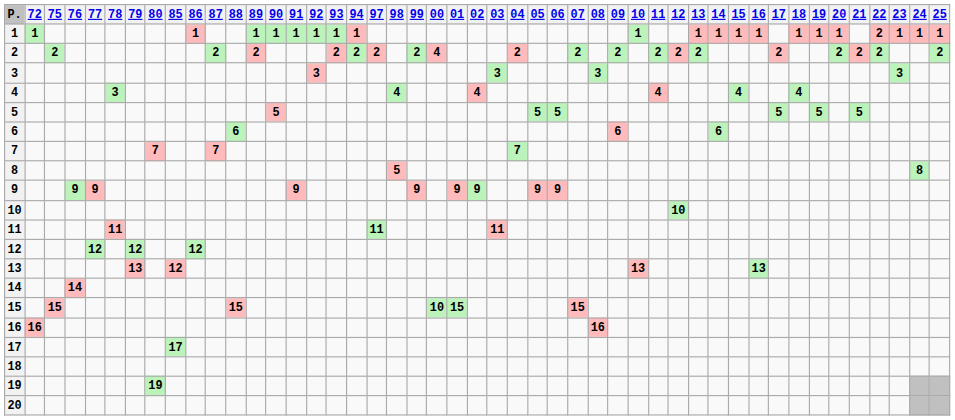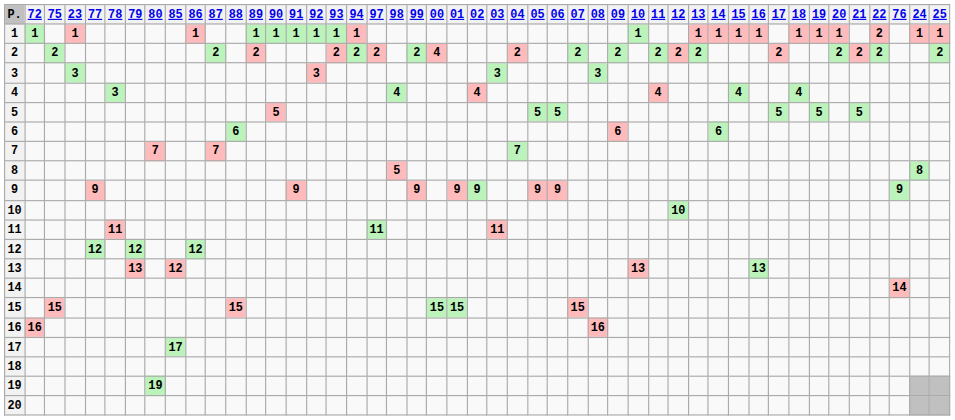 <table class="wikitable" style="text-align: center; font-size:80%">
 <tr>
 <th style="background:#c0c0c0">P.</th>
 <th><strong><a href='#'>72</a></strong></th>
 <th><strong><a href='#'>75</a></strong></th>
-<th><strong><a href='#'>76</a></strong></th>
+<th><strong><a href='#'>23</a></strong></th>
 <th><strong><a href='#'>77</a></strong></th>
 <th><strong><a href='#'>78</a></strong></th>
 <th><strong><a href='#'>79</a></strong></th>
 <th><strong><a href='#'>80</a></strong></th>
 <th><strong><a href='#'>85</a></strong></th>
 <th><strong><a href='#'>86</a></strong></th>
 <th><strong><a href='#'>87</a></strong></th>
 <th><strong><a href='#'>88</a></strong></th>
 <th><strong><a href='#'>89</a></strong></th>
 <th><strong><a href='#'>90</a></strong></th>
 <th><strong><a href='#'>91</a></strong></th>
 <th><strong><a href='#'>92</a></strong></th>
 <th><strong><a href='#'>93</a></strong></th>
 <th><strong><a href='#'>94</a></strong></th>
 <th><strong><a href='#'>97</a></strong></th>
 <th><strong><a href='#'>98</a></strong></th>
 <th><strong><a href='#'>99</a></strong></th>
 <th><strong><a href='#'>00</a></strong></th>
 <th><strong><a href='#'>01</a></strong></th>
 <th><strong><a href='#'>02</a></strong></th>
 <th><strong><a href='#'>03</a></strong></th>
 <th><strong><a href='#'>04</a></strong></th>
 <th><strong><a href='#'>05</a></strong></th>
 <th><strong><a href='#'>06</a></strong></th>
 <th><strong><a href='#'>07</a></strong></th>
 <th><strong><a href='#'>08</a></strong></th>
 <th><strong><a href='#'>09</a></strong></th>
 <th><strong><a href='#'>10</a></strong></th>
 <th><strong><a href='#'>11</a></strong></th>
 <th><strong><a href='#'>12</a></strong></th>
 <th><strong><a href='#'>13</a></strong></th>
 <th><strong><a href='#'>14</a></strong></th>
 <th><strong><a href='#'>15</a></strong></th>
 <th><strong><a href='#'>16</a></strong></th>
 <th><strong><a href='#'>17</a></strong></th>
 <th><strong><a href='#'>18</a></strong></th>
 <th><strong><a href='#'>19</a></strong></th>
 <th><strong><a href='#'>20</a></strong></th>
 <th><strong><a href='#'>21</a></strong></th>
 <th><strong><a href='#'>22</a></strong></th>
-<th><strong><a href='#'>23</a></strong></th>
+<th><strong><a href='#'>76</a></strong></th>
 <th><strong><a href='#'>24</a></strong></th>
 <th><strong><a href='#'>25</a></strong></th>
 </tr>
 <tr>
 <th>1</th>
 <td style="background-color:#BBF3BB"><strong>1</strong></td>
 <td></td>
-<td></td>
+<td style="background-color:#FFBBBB"><strong>1</strong></td>
 <td></td>
 <td></td>
 <td></td>
 <td></td>
 <td></td>
 <td style="background-color:#FFBBBB"><strong>1</strong></td>
 <td></td>
 <td></td>
 <td style="background-color:#BBF3BB"><strong>1</strong></td>
 <td style="background-color:#BBF3BB"><strong>1</strong></td>
 <td style="background-color:#BBF3BB"><strong>1</strong></td>
 <td style="background-color:#BBF3BB"><strong>1</strong></td>
 <td style="background-color:#BBF3BB"><strong>1</strong></td>
 <td style="background-color:#FFBBBB"><strong>1</strong></td>
 <td></td>
 <td></td>
 <td></td>
 <td></td>
 <td></td>
 <td></td>
 <td></td>
 <td></td>
 <td></td>
 <td></td>
 <td></td>
 <td></td>
 <td></td>
 <td style="background-color:#BBF3BB"><strong>1</strong></td>
 <td></td>
 <td></td>
 <td style="background-color:#FFBBBB"><strong>1</strong></td>
 <td style="background-color:#FFBBBB"><strong>1</strong></td>
 <td style="background-color:#FFBBBB"><strong>1</strong></td>
 <td style="background-color:#FFBBBB"><strong>1</strong></td>
 <td></td>
 <td style="background-color:#FFBBBB"><strong>1</strong></td>
 <td style="background-color:#FFBBBB"><strong>1</strong></td>
 <td style="background-color:#FFBBBB"><strong>1</strong></td>
 <td></td>
 <td style="background-color:#FFBBBB"><strong>2</strong></td>
-<td style="background-color:#FFBBBB"><strong>1</strong></td>
+<td></td>
 <td style="background-color:#FFBBBB"><strong>1</strong></td>
 <td style="background-color:#FFBBBB"><strong>1</strong></td>
 </tr>
 <tr>
 <th>2</th>
 <td></td>
 <td style="background-color:#BBF3BB"><strong>2</strong></td>
 <td></td>
 <td></td>
 <td></td>
 <td></td>
 <td></td>
 <td></td>
 <td></td>
 <td style="background-color:#BBF3BB"><strong>2</strong></td>
 <td></td>
 <td style="background-color:#FFBBBB"><strong>2</strong></td>
 <td></td>
 <td></td>
 <td></td>
 <td style="background-color:#FFBBBB"><strong>2</strong></td>
 <td style="background-color:#BBF3BB"><strong>2</strong></td>
 <td style="background-color:#FFBBBB"><strong>2</strong></td>
 <td></td>
 <td style="background-color:#BBF3BB"><strong>2</strong></td>
 <td style="background-color:#FFBBBB"><strong>4</strong></td>
 <td></td>
 <td></td>
 <td></td>
 <td style="background-color:#FFBBBB"><strong>2</strong></td>
 <td></td>
 <td></td>
 <td style="background-color:#BBF3BB"><strong>2</strong></td>
 <td></td>
 <td style="background-color:#BBF3BB"><strong>2</strong></td>
 <td></td>
 <td style="background-color:#BBF3BB"><strong>2</strong></td>
 <td style="background-color:#FFBBBB"><strong>2</strong></td>
 <td style="background-color:#BBF3BB"><strong>2</strong></td>
 <td></td>
 <td></td>
 <td></td>
 <td style="background-color:#FFBBBB"><strong>2</strong></td>
 <td></td>
 <td></td>
 <td style="background-color:#BBF3BB"><strong>2</strong></td>
 <td style="background-color:#FFBBBB"><strong>2</strong></td>
 <td style="background-color:#BBF3BB"><strong>2</strong></td>
 <td></td>
 <td></td>
 <td style="background-color:#BBF3BB"><strong>2</strong></td>
 </tr>
 <tr>
 <th>3</th>
 <td></td>
 <td></td>
-<td></td>
+<td style="background-color:#BBF3BB"><strong>3</strong></td>
 <td></td>
 <td></td>
 <td></td>
 <td></td>
 <td></td>
 <td></td>
 <td></td>
 <td></td>
 <td></td>
 <td></td>
 <td></td>
 <td style="background-color:#FFBBBB"><strong>3</strong></td>
 <td></td>
 <td></td>
 <td></td>
 <td></td>
 <td></td>
 <td></td>
 <td></td>
 <td></td>
 <td style="background-color:#BBF3BB"><strong>3</strong></td>
 <td></td>
 <td></td>
 <td></td>
 <td></td>
 <td style="background-color:#BBF3BB"><strong>3</strong></td>
 <td></td>
 <td></td>
 <td></td>
 <td></td>
 <td></td>
 <td></td>
 <td></td>
 <td></td>
 <td></td>
 <td></td>
 <td></td>
 <td></td>
 <td></td>
 <td></td>
-<td style="background-color:#BBF3BB"><strong>3</strong></td>
+<td></td>
 <td></td>
 <td></td>
 </tr>
 <tr>
 <th>4</th>
 <td></td>
 <td></td>
 <td></td>
 <td></td>
 <td style="background-color:#BBF3BB"><strong>3</strong></td>
 <td></td>
 <td></td>
 <td></td>
 <td></td>
 <td></td>
 <td></td>
 <td></td>
 <td></td>
 <td></td>
 <td></td>
 <td></td>
 <td></td>
 <td></td>
 <td style="background-color:#BBF3BB"><strong>4</strong></td>
 <td></td>
 <td></td>
 <td></td>
 <td style="background-color:#FFBBBB"><strong>4</strong></td>
 <td></td>
 <td></td>
 <td></td>
 <td></td>
 <td></td>
 <td></td>
 <td></td>
 <td></td>
 <td style="background-color:#FFBBBB"><strong>4</strong></td>
 <td></td>
 <td></td>
 <td></td>
 <td style="background-color:#BBF3BB"><strong>4</strong></td>
 <td></td>
 <td></td>
 <td style="background-color:#BBF3BB"><strong>4</strong></td>
 <td></td>
 <td></td>
 <td></td>
 <td></td>
 <td></td>
 <td></td>
 <td></td>
 </tr>
 <tr>
 <th>5</th>
 <td></td>
 <td></td>
 <td></td>
 <td></td>
 <td></td>
 <td></td>
 <td></td>
 <td></td>
 <td></td>
 <td></td>
 <td></td>
 <td></td>
 <td style="background-color:#FFBBBB"><strong>5</strong></td>
 <td></td>
 <td></td>
 <td></td>
 <td></td>
 <td></td>
 <td></td>
 <td></td>
 <td></td>
 <td></td>
 <td></td>
 <td></td>
 <td></td>
 <td style="background-color:#BBF3BB"><strong>5</strong></td>
 <td style="background-color:#BBF3BB"><strong>5</strong></td>
 <td></td>
 <td></td>
 <td></td>
 <td></td>
 <td></td>
 <td></td>
 <td></td>
 <td></td>
 <td></td>
 <td></td>
 <td style="background-color:#BBF3BB"><strong>5</strong></td>
 <td></td>
 <td style="background-color:#BBF3BB"><strong>5</strong></td>
 <td></td>
 <td style="background-color:#BBF3BB"><strong>5</strong></td>
 <td></td>
 <td></td>
 <td></td>
 <td></td>
 </tr>
 <tr>
 <th>6</th>
 <td></td>
 <td></td>
 <td></td>
 <td></td>
 <td></td>
 <td></td>
 <td></td>
 <td></td>
 <td></td>
 <td></td>
 <td style="background-color:#BBF3BB"><strong>6</strong></td>
 <td></td>
 <td></td>
 <td></td>
 <td></td>
 <td></td>
 <td></td>
 <td></td>
 <td></td>
 <td></td>
 <td></td>
 <td></td>
 <td></td>
 <td></td>
 <td></td>
 <td></td>
 <td></td>
 <td></td>
 <td></td>
 <td style="background-color:#FFBBBB"><strong>6</strong></td>
 <td></td>
 <td></td>
 <td></td>
 <td></td>
 <td style="background-color:#BBF3BB"><strong>6</strong></td>
 <td></td>
 <td></td>
 <td></td>
 <td></td>
 <td></td>
 <td></td>
 <td></td>
 <td></td>
 <td></td>
 <td></td>
 <td></td>
 </tr>
 <tr>
 <th>7</th>
 <td></td>
 <td></td>
 <td></td>
 <td></td>
 <td></td>
 <td></td>
 <td style="background-color:#FFBBBB"><strong>7</strong></td>
 <td></td>
 <td></td>
 <td style="background-color:#FFBBBB"><strong>7</strong></td>
 <td></td>
 <td></td>
 <td></td>
 <td></td>
 <td></td>
 <td></td>
 <td></td>
 <td></td>
 <td></td>
 <td></td>
 <td></td>
 <td></td>
 <td></td>
 <td></td>
 <td style="background-color:#BBF3BB"><strong>7</strong></td>
 <td></td>
 <td></td>
 <td></td>
 <td></td>
 <td></td>
 <td></td>
 <td></td>
 <td></td>
 <td></td>
 <td></td>
 <td></td>
 <td></td>
 <td></td>
 <td></td>
 <td></td>
 <td></td>
 <td></td>
 <td></td>
 <td></td>
 <td></td>
 <td></td>
 </tr>
 <tr>
 <th>8</th>
 <td></td>
 <td></td>
 <td></td>
 <td></td>
 <td></td>
 <td></td>
 <td></td>
 <td></td>
 <td></td>
 <td></td>
 <td></td>
 <td></td>
 <td></td>
 <td></td>
 <td></td>
 <td></td>
 <td></td>
 <td></td>
 <td style="background-color:#FFBBBB"><strong>5</strong></td>
 <td></td>
 <td></td>
 <td></td>
 <td></td>
 <td></td>
 <td></td>
 <td></td>
 <td></td>
 <td></td>
 <td></td>
 <td></td>
 <td></td>
 <td></td>
 <td></td>
 <td></td>
 <td></td>
 <td></td>
 <td></td>
 <td></td>
 <td></td>
 <td></td>
 <td></td>
 <td></td>
 <td></td>
 <td></td>
 <td style="background-color:#BBF3BB"><strong>8</strong></td>
 <td></td>
 </tr>
 <tr>
 <th>9</th>
 <td></td>
 <td></td>
-<td style="background-color:#BBF3BB"><strong>9</strong></td>
+<td></td>
 <td style="background-color:#FFBBBB"><strong>9</strong></td>
 <td></td>
 <td></td>
 <td></td>
 <td></td>
 <td></td>
 <td></td>
 <td></td>
 <td></td>
 <td></td>
 <td style="background-color:#FFBBBB"><strong>9</strong></td>
 <td></td>
 <td></td>
 <td></td>
 <td></td>
 <td></td>
 <td style="background-color:#FFBBBB"><strong>9</strong></td>
 <td></td>
 <td style="background-color:#FFBBBB"><strong>9</strong></td>
 <td style="background-color:#BBF3BB"><strong>9</strong></td>
 <td></td>
 <td></td>
 <td style="background-color:#FFBBBB"><strong>9</strong></td>
 <td style="background-color:#FFBBBB"><strong>9</strong></td>
 <td></td>
 <td></td>
 <td></td>
 <td></td>
 <td></td>
 <td></td>
 <td></td>
 <td></td>
 <td></td>
 <td></td>
 <td></td>
 <td></td>
 <td></td>
 <td></td>
 <td></td>
 <td></td>
-<td></td>
+<td style="background-color:#BBF3BB"><strong>9</strong></td>
 <td></td>
 <td></td>
 </tr>
 <tr>
 <th>10</th>
 <td></td>
 <td></td>
 <td></td>
 <td></td>
 <td></td>
 <td></td>
 <td></td>
 <td></td>
 <td></td>
 <td></td>
 <td></td>
 <td></td>
 <td></td>
 <td></td>
 <td></td>
 <td></td>
 <td></td>
 <td></td>
 <td></td>
 <td></td>
 <td></td>
 <td></td>
 <td></td>
 <td></td>
 <td></td>
 <td></td>
 <td></td>
 <td></td>
 <td></td>
 <td></td>
 <td></td>
 <td></td>
 <td style="background-color:#BBF3BB"><strong>10</strong></td>
 <td></td>
 <td></td>
 <td></td>
 <td></td>
 <td></td>
 <td></td>
 <td></td>
 <td></td>
 <td></td>
 <td></td>
 <td></td>
 <td></td>
 <td></td>
 </tr>
 <tr>
 <th>11</th>
 <td></td>
 <td></td>
 <td></td>
 <td></td>
 <td style="background-color:#FFBBBB"><strong>11</strong></td>
 <td></td>
 <td></td>
 <td></td>
 <td></td>
 <td></td>
 <td></td>
 <td></td>
 <td></td>
 <td></td>
 <td></td>
 <td></td>
 <td></td>
 <td style="background-color:#BBF3BB"><strong>11</strong></td>
 <td></td>
 <td></td>
 <td></td>
 <td></td>
 <td></td>
 <td style="background-color:#FFBBBB"><strong>11</strong></td>
 <td></td>
 <td></td>
 <td></td>
 <td></td>
 <td></td>
 <td></td>
 <td></td>
 <td></td>
 <td></td>
 <td></td>
 <td></td>
 <td></td>
 <td></td>
 <td></td>
 <td></td>
 <td></td>
 <td></td>
 <td></td>
 <td></td>
 <td></td>
 <td></td>
 <td></td>
 </tr>
 <tr>
 <th>12</th>
 <td></td>
 <td></td>
 <td></td>
 <td style="background-color:#BBF3BB"><strong>12</strong></td>
 <td></td>
 <td style="background-color:#BBF3BB"><strong>12</strong></td>
 <td></td>
 <td></td>
 <td style="background-color:#BBF3BB"><strong>12</strong></td>
 <td></td>
 <td></td>
 <td></td>
 <td></td>
 <td></td>
 <td></td>
 <td></td>
 <td></td>
 <td></td>
 <td></td>
 <td></td>
 <td></td>
 <td></td>
 <td></td>
 <td></td>
 <td></td>
 <td></td>
 <td></td>
 <td></td>
 <td></td>
 <td></td>
 <td></td>
 <td></td>
 <td></td>
 <td></td>
 <td></td>
 <td></td>
 <td></td>
 <td></td>
 <td></td>
 <td></td>
 <td></td>
 <td></td>
 <td></td>
 <td></td>
 <td></td>
 <td></td>
 </tr>
 <tr>
 <th>13</th>
 <td></td>
 <td></td>
 <td></td>
 <td></td>
 <td></td>
 <td style="background-color:#FFBBBB"><strong>13</strong></td>
 <td></td>
 <td style="background-color:#FFBBBB"><strong>12</strong></td>
 <td></td>
 <td></td>
 <td></td>
 <td></td>
 <td></td>
 <td></td>
 <td></td>
 <td></td>
 <td></td>
 <td></td>
 <td></td>
 <td></td>
 <td></td>
 <td></td>
 <td></td>
 <td></td>
 <td></td>
 <td></td>
 <td></td>
 <td></td>
 <td></td>
 <td></td>
 <td style="background-color:#FFBBBB"><strong>13</strong></td>
 <td></td>
 <td></td>
 <td></td>
 <td></td>
 <td></td>
 <td style="background-color:#BBF3BB"><strong>13</strong></td>
 <td></td>
 <td></td>
 <td></td>
 <td></td>
 <td></td>
 <td></td>
 <td></td>
 <td></td>
 <td></td>
 </tr>
 <tr>
 <th>14</th>
 <td></td>
 <td></td>
-<td style="background-color:#FFBBBB"><strong>14</strong></td>
 <td></td>
 <td></td>
 <td></td>
 <td></td>
 <td></td>
 <td></td>
 <td></td>
 <td></td>
 <td></td>
 <td></td>
 <td></td>
 <td></td>
 <td></td>
 <td></td>
 <td></td>
 <td></td>
 <td></td>
 <td></td>
 <td></td>
 <td></td>
 <td></td>
 <td></td>
 <td></td>
 <td></td>
 <td></td>
 <td></td>
 <td></td>
 <td></td>
 <td></td>
 <td></td>
 <td></td>
 <td></td>
 <td></td>
 <td></td>
 <td></td>
 <td></td>
 <td></td>
 <td></td>
 <td></td>
 <td></td>
 <td></td>
+<td style="background-color:#FFBBBB"><strong>14</strong></td>
 <td></td>
 <td></td>
 </tr>
 <tr>
 <th>15</th>
 <td></td>
 <td style="background-color:#FFBBBB"><strong>15</strong></td>
 <td></td>
 <td></td>
 <td></td>
 <td></td>
 <td></td>
 <td></td>
 <td></td>
 <td></td>
 <td style="background-color:#FFBBBB"><strong>15</strong></td>
 <td></td>
 <td></td>
 <td></td>
 <td></td>
 <td></td>
 <td></td>
 <td></td>
 <td></td>
 <td></td>
-<td style="background-color:#BBF3BB"><strong>10</strong></td>
+<td style="background-color:#BBF3BB"><strong>15</strong></td>
 <td style="background-color:#BBF3BB"><strong>15</strong></td>
 <td></td>
 <td></td>
 <td></td>
 <td></td>
 <td></td>
 <td style="background-color:#FFBBBB"><strong>15</strong></td>
 <td></td>
 <td></td>
 <td></td>
 <td></td>
 <td></td>
 <td></td>
 <td></td>
 <td></td>
 <td></td>
 <td></td>
 <td></td>
 <td></td>
 <td></td>
 <td></td>
 <td></td>
 <td></td>
 <td></td>
 <td></td>
 </tr>
 <tr>
 <th>16</th>
 <td style="background-color:#FFBBBB"><strong>16</strong></td>
 <td></td>
 <td></td>
 <td></td>
 <td></td>
 <td></td>
 <td></td>
 <td></td>
 <td></td>
 <td></td>
 <td></td>
 <td></td>
 <td></td>
 <td></td>
 <td></td>
 <td></td>
 <td></td>
 <td></td>
 <td></td>
 <td></td>
 <td></td>
 <td></td>
 <td></td>
 <td></td>
 <td></td>
 <td></td>
 <td></td>
 <td></td>
 <td style="background-color:#FFBBBB"><strong>16</strong></td>
 <td></td>
 <td></td>
 <td></td>
 <td></td>
 <td></td>
 <td></td>
 <td></td>
 <td></td>
 <td></td>
 <td></td>
 <td></td>
 <td></td>
 <td></td>
 <td></td>
 <td></td>
 <td></td>
 <td></td>
 </tr>
 <tr>
 <th>17</th>
 <td></td>
 <td></td>
 <td></td>
 <td></td>
 <td></td>
 <td></td>
 <td></td>
 <td style="background-color:#BBF3BB"><strong>17</strong></td>
 <td></td>
 <td></td>
 <td></td>
 <td></td>
 <td></td>
 <td></td>
 <td></td>
 <td></td>
 <td></td>
 <td></td>
 <td></td>
 <td></td>
 <td></td>
 <td></td>
 <td></td>
 <td></td>
 <td></td>
 <td></td>
 <td></td>
 <td></td>
 <td></td>
 <td></td>
 <td></td>
 <td></td>
 <td></td>
 <td></td>
 <td></td>
 <td></td>
 <td></td>
 <td></td>
 <td></td>
 <td></td>
 <td></td>
 <td></td>
 <td></td>
 <td></td>
 <td></td>
 <td></td>
 </tr>
 <tr>
 <th>18</th>
 <td></td>
 <td></td>
 <td></td>
 <td></td>
 <td></td>
 <td></td>
 <td></td>
 <td></td>
 <td></td>
 <td></td>
 <td></td>
 <td></td>
 <td></td>
 <td></td>
 <td></td>
 <td></td>
 <td></td>
 <td></td>
 <td></td>
 <td></td>
 <td></td>
 <td></td>
 <td></td>
 <td></td>
 <td></td>
 <td></td>
 <td></td>
 <td></td>
 <td></td>
 <td></td>
 <td></td>
 <td></td>
 <td></td>
 <td></td>
 <td></td>
 <td></td>
 <td></td>
 <td></td>
 <td></td>
 <td></td>
 <td></td>
 <td></td>
 <td></td>
 <td></td>
 <td></td>
 <td></td>
 </tr>
 <tr>
 <th>19</th>
 <td></td>
 <td></td>
 <td></td>
 <td></td>
 <td></td>
 <td></td>
 <td style="background-color:#BBF3BB"><strong>19</strong></td>
 <td></td>
 <td></td>
 <td></td>
 <td></td>
 <td></td>
 <td></td>
 <td></td>
 <td></td>
 <td></td>
 <td></td>
 <td></td>
 <td></td>
 <td></td>
 <td></td>
 <td></td>
 <td></td>
 <td></td>
 <td></td>
 <td></td>
 <td></td>
 <td></td>
 <td></td>
 <td></td>
 <td></td>
 <td></td>
 <td></td>
 <td></td>
 <td></td>
 <td></td>
 <td></td>
 <td></td>
 <td></td>
 <td></td>
 <td></td>
 <td></td>
 <td></td>
 <td></td>
 <td style="background:#c0c0c0"></td>
 <td style="background:#c0c0c0"></td>
 </tr>
 <tr>
 <th>20</th>
 <td></td>
 <td></td>
 <td></td>
 <td></td>
 <td></td>
 <td></td>
 <td></td>
 <td></td>
 <td></td>
 <td></td>
 <td></td>
 <td></td>
 <td></td>
 <td></td>
 <td></td>
 <td></td>
 <td></td>
 <td></td>
 <td></td>
 <td></td>
 <td></td>
 <td></td>
 <td></td>
 <td></td>
 <td></td>
 <td></td>
 <td></td>
 <td></td>
 <td></td>
 <td></td>
 <td></td>
 <td></td>
 <td></td>
 <td></td>
 <td></td>
 <td></td>
 <td></td>
 <td></td>
 <td></td>
 <td></td>
 <td></td>
 <td></td>
 <td></td>
 <td></td>
 <td style="background:#c0c0c0"></td>
 <td style="background:#c0c0c0"></td>
 </tr>
 </table>
